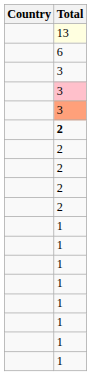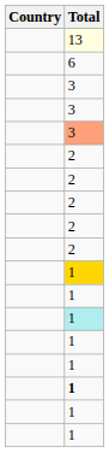 <table class="wikitable sortable">
 <tr>
 <th>Country</th>
 <th>Total</th>
 </tr>
 <tr>
 <td></td>
 <td style="background: lightyellow;">13</td>
 </tr>
 <tr>
 <td></td>
 <td>6</td>
 </tr>
 <tr>
 <td></td>
 <td>3</td>
 </tr>
 <tr>
 <td></td>
-<td style="background: pink;">3</td>
+<td>3</td>
 </tr>
 <tr>
 <td></td>
 <td style="background: lightsalmon;">3</td>
-</tr>
-<tr>
-<td></td>
-<td><strong>2</strong></td>
 </tr>
 <tr>
 <td></td>
 <td>2</td>
 </tr>
 <tr>
 <td></td>
 <td>2</td>
 </tr>
 <tr>
 <td></td>
 <td>2</td>
 </tr>
 <tr>
 <td></td>
 <td>2</td>
 </tr>
 <tr>
 <td></td>
+<td>2</td>
+</tr>
+<tr>
+<td></td>
+<td style="background: gold;">1</td>
+</tr>
+<tr>
+<td></td>
 <td>1</td>
+</tr>
+<tr>
+<td></td>
+<td style="background: paleturquoise;">1</td>
 </tr>
 <tr>
 <td></td>
 <td>1</td>
 </tr>
 <tr>
 <td></td>
 <td>1</td>
 </tr>
 <tr>
 <td></td>
-<td>1</td>
-</tr>
-<tr>
-<td></td>
-<td>1</td>
-</tr>
-<tr>
-<td></td>
-<td>1</td>
+<td><strong>1</strong></td>
 </tr>
 <tr>
 <td></td>
 <td>1</td>
 </tr>
 <tr>
 <td></td>
 <td>1</td>
 </tr>
 </table>
